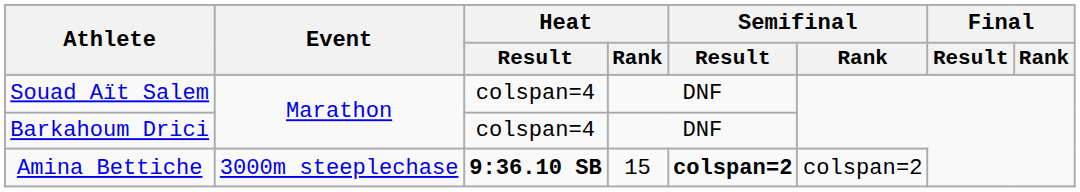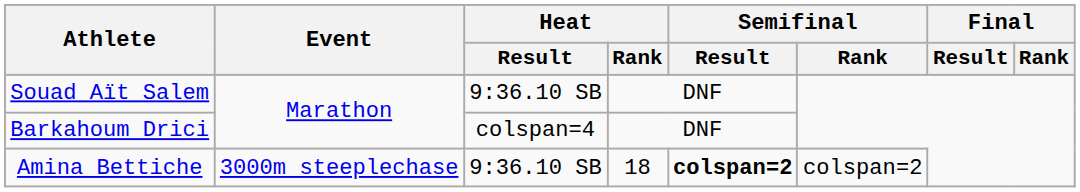 <table class="wikitable" style="font-size:90%">
 <tr>
 <th rowspan="2">Athlete</th>
 <th rowspan="2">Event</th>
 <th colspan="2">Heat</th>
 <th colspan="2">Semifinal</th>
 <th colspan="2">Final</th>
 </tr>
 <tr style="font-size:95%">
 <th>Result</th>
 <th>Rank</th>
 <th>Result</th>
 <th>Rank</th>
 <th>Result</th>
 <th>Rank</th>
 </tr>
 <tr style=text-align:center>
 <td><a href='#'>Souad Aït Salem</a></td>
 <td rowspan=2><a href='#'>Marathon</a></td>
-<td>colspan=4 </td>
+<td>9:36.10 SB</td>
 <td colspan=2>DNF</td>
 </tr>
 <tr style=text-align:center>
 <td><a href='#'>Barkahoum Drici</a></td>
 <td>colspan=4 </td>
 <td colspan=2>DNF</td>
 </tr>
 <tr style=text-align:center>
 <td><a href='#'>Amina Bettiche</a></td>
 <td><a href='#'>3000m steeplechase</a></td>
-<td><strong>9:36.10 SB</strong></td>
-<td>15</td>
+<td>9:36.10 SB</td>
+<td>18</td>
 <td><strong>colspan=2 </strong></td>
 <td>colspan=2 </td>
 </tr>
 </table>
